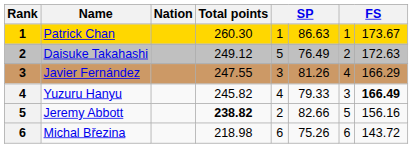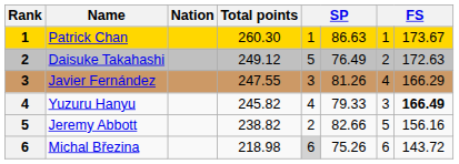 <table class="wikitable sortable">
 <tr>
 <th>Rank</th>
 <th>Name</th>
 <th>Nation</th>
 <th>Total points</th>
 <th colspan="2" width="80px"><a href='#'>SP</a></th>
 <th colspan="2" width="80px"><a href='#'>FS</a></th>
 </tr>
 <tr bgcolor="gold">
 <td align="center"><strong>1</strong></td>
 <td><a href='#'>Patrick Chan</a></td>
 <td></td>
 <td align="center">260.30</td>
 <td align="center">1</td>
 <td align="center">86.63</td>
 <td align="center">1</td>
 <td align="center">173.67</td>
 </tr>
 <tr bgcolor="silver">
 <td align="center"><strong>2</strong></td>
 <td><a href='#'>Daisuke Takahashi</a></td>
 <td></td>
 <td align="center">249.12</td>
 <td align="center">5</td>
 <td align="center">76.49</td>
 <td align="center">2</td>
 <td align="center">172.63</td>
 </tr>
 <tr bgcolor="cc9966">
 <td align="center"><strong>3</strong></td>
 <td><a href='#'>Javier Fernández</a></td>
 <td></td>
 <td align="center">247.55</td>
 <td align="center">3</td>
 <td align="center">81.26</td>
 <td align="center">4</td>
 <td align="center">166.29</td>
 </tr>
 <tr>
 <th>4</th>
 <td><a href='#'>Yuzuru Hanyu</a></td>
 <td></td>
 <td align="center">245.82</td>
 <td align="center">4</td>
 <td align="center">79.33</td>
 <td align="center">3</td>
 <td align="center"><strong>166.49</strong></td>
 </tr>
 <tr>
 <th>5</th>
 <td><a href='#'>Jeremy Abbott</a></td>
 <td></td>
-<td align="center"><strong>238.82</strong></td>
+<td align="center">238.82</td>
 <td align="center">2</td>
 <td align="center">82.66</td>
 <td align="center">5</td>
 <td align="center">156.16</td>
 </tr>
 <tr>
 <th>6</th>
 <td><a href='#'>Michal Březina</a></td>
 <td></td>
 <td align="center">218.98</td>
-<td align="center">6</td>
+<td align="center" style="background: lightgrey;">6</td>
 <td align="center">75.26</td>
 <td align="center">6</td>
 <td align="center">143.72</td>
 </tr>
 </table>
